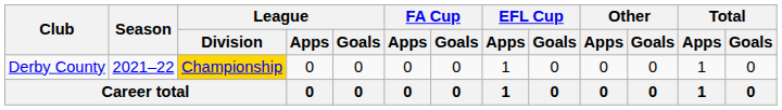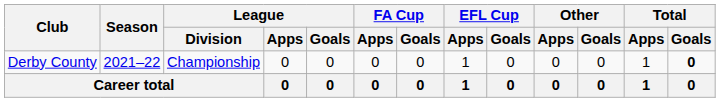 <table class="wikitable" style="text-align:center">
 <tr>
 <th rowspan="2">Club</th>
 <th rowspan="2">Season</th>
 <th colspan="3">League</th>
 <th colspan="2"><a href='#'>FA Cup</a></th>
 <th colspan="2"><a href='#'>EFL Cup</a></th>
 <th colspan="2">Other</th>
 <th colspan="2">Total</th>
 </tr>
 <tr>
 <th>Division</th>
 <th>Apps</th>
 <th>Goals</th>
 <th>Apps</th>
 <th>Goals</th>
 <th>Apps</th>
 <th>Goals</th>
 <th>Apps</th>
 <th>Goals</th>
 <th>Apps</th>
 <th>Goals</th>
 </tr>
 <tr>
 <td rowspan=1><a href='#'>Derby County</a></td>
 <td><a href='#'>2021–22</a></td>
-<td style="background: gold;"><a href='#'>Championship</a></td>
+<td><a href='#'>Championship</a></td>
 <td>0</td>
 <td>0</td>
 <td>0</td>
 <td>0</td>
 <td>1</td>
 <td>0</td>
 <td>0</td>
 <td>0</td>
 <td>1</td>
-<td>0</td>
+<td><strong>0</strong></td>
 </tr>
 <tr>
 <th colspan="3">Career total</th>
 <th>0</th>
 <th>0</th>
 <th>0</th>
 <th>0</th>
 <th>1</th>
 <th>0</th>
 <th>0</th>
 <th>0</th>
 <th>1</th>
 <th>0</th>
 </tr>
 </table>
